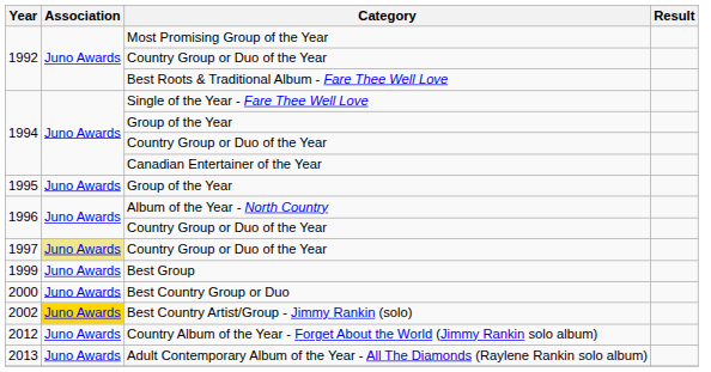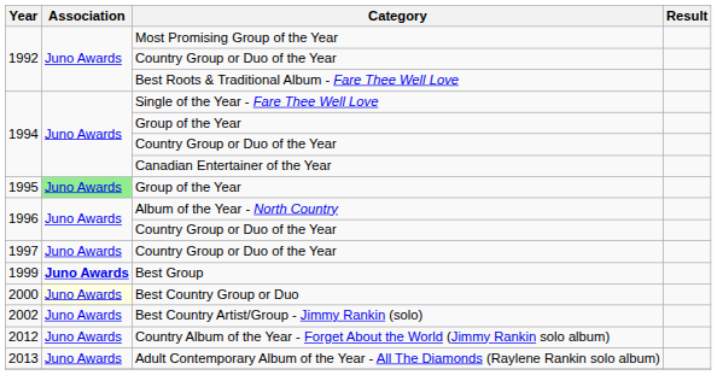 <table class="wikitable">
 <tr>
 <th>Year</th>
 <th>Association</th>
 <th>Category</th>
 <th>Result</th>
 </tr>
 <tr>
 <td rowspan="3">1992</td>
 <td rowspan="3"><a href='#'>Juno Awards</a></td>
 <td>Most Promising Group of the Year</td>
 <td></td>
 </tr>
 <tr>
 <td>Country Group or Duo of the Year</td>
 <td></td>
 </tr>
 <tr>
 <td>Best Roots & Traditional Album - <em><a href='#'>Fare Thee Well Love</a></em></td>
 <td></td>
 </tr>
 <tr>
 <td rowspan="4">1994</td>
 <td rowspan="4"><a href='#'>Juno Awards</a></td>
 <td>Single of the Year -  <em><a href='#'>Fare Thee Well Love</a></em></td>
 <td></td>
 </tr>
 <tr>
 <td>Group of the Year</td>
 <td></td>
 </tr>
 <tr>
 <td>Country Group or Duo of the Year</td>
 <td></td>
 </tr>
 <tr>
 <td>Canadian Entertainer of the Year</td>
 <td></td>
 </tr>
 <tr>
 <td rowspan="1">1995</td>
-<td rowspan="1"><a href='#'>Juno Awards</a></td>
+<td rowspan="1" style="background: lightgreen;"><a href='#'>Juno Awards</a></td>
 <td>Group of the Year</td>
 <td></td>
 </tr>
 <tr>
 <td rowspan="2">1996</td>
 <td rowspan="2"><a href='#'>Juno Awards</a></td>
 <td>Album of the Year -  <em><a href='#'>North Country</a></em></td>
 <td></td>
 </tr>
 <tr>
 <td>Country Group or Duo of the Year</td>
 <td></td>
 </tr>
 <tr>
 <td rowspan="1">1997</td>
-<td rowspan="1" style="background: khaki;"><a href='#'>Juno Awards</a></td>
+<td rowspan="1"><a href='#'>Juno Awards</a></td>
 <td>Country Group or Duo of the Year</td>
 <td></td>
 </tr>
 <tr>
 <td rowspan="1">1999</td>
-<td rowspan="1"><a href='#'>Juno Awards</a></td>
+<td rowspan="1"><strong><a href='#'>Juno Awards</a></strong></td>
 <td>Best Group</td>
 <td></td>
 </tr>
 <tr>
 <td rowspan="1">2000</td>
-<td rowspan="1"><a href='#'>Juno Awards</a></td>
+<td rowspan="1" style="background: lightyellow;"><a href='#'>Juno Awards</a></td>
 <td>Best Country Group or Duo</td>
 <td></td>
 </tr>
 <tr>
 <td rowspan="1">2002</td>
-<td rowspan="1" style="background: gold;"><a href='#'>Juno Awards</a></td>
+<td rowspan="1"><a href='#'>Juno Awards</a></td>
 <td>Best Country Artist/Group - <a href='#'>Jimmy Rankin</a> (solo)</td>
 <td></td>
 </tr>
 <tr>
 <td rowspan="1">2012</td>
 <td rowspan="1"><a href='#'>Juno Awards</a></td>
 <td>Country Album of the Year - <a href='#'>Forget About the World</a> (<a href='#'>Jimmy Rankin</a> solo album)</td>
 <td></td>
 </tr>
 <tr>
 <td rowspan="1">2013</td>
 <td rowspan="1"><a href='#'>Juno Awards</a></td>
 <td>Adult Contemporary Album of the Year - <a href='#'>All The Diamonds</a> (Raylene Rankin solo album)</td>
 <td></td>
 </tr>
 <tr>
 </tr>
 </table>
